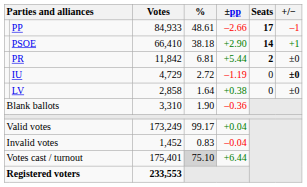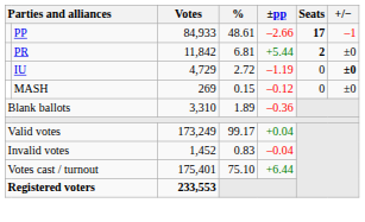 <table class="wikitable" style="text-align:right;">
 <tr>
 <th style="text-align:left;" colspan="2" width="200">Parties and alliances</th>
 <th width="75">Votes</th>
 <th width="45">%</th>
 <th width="45">±<a href='#'>pp</a></th>
 <th width="35">Seats</th>
 <th width="35">+/−</th>
 </tr>
 <tr>
 <td width="1" style="color:inherit;background:"></td>
 <td align="left"><a href='#'>PP</a></td>
 <td>84,933</td>
 <td>48.61</td>
 <td style="color:red;">–2.66</td>
 <td><strong>17</strong></td>
 <td style="color:red;">–1</td>
 </tr>
 <tr>
 <td style="color:inherit;background:"></td>
-<td align="left"><a href='#'>PSOE</a></td>
-<td>66,410</td>
-<td>38.18</td>
-<td style="color:green;">+2.90</td>
-<td><strong>14</strong></td>
-<td style="color:green;">+1</td>
-</tr>
-<tr>
-<td style="color:inherit;background:"></td>
 <td align="left"><a href='#'>PR</a></td>
 <td>11,842</td>
 <td>6.81</td>
 <td style="color:green;">+5.44</td>
 <td><strong>2</strong></td>
 <td>±0</td>
 </tr>
 <tr>
 <td style="color:inherit;background:"></td>
 <td align="left"><a href='#'>IU</a></td>
 <td>4,729</td>
 <td>2.72</td>
 <td style="color:red;">–1.19</td>
 <td>0</td>
 <td><strong>±0</strong></td>
 </tr>
 <tr>
-<td style="color:inherit;background:"></td>
-<td align="left"><a href='#'>LV</a></td>
-<td>2,858</td>
-<td>1.64</td>
-<td style="color:green;">+0.38</td>
+<td bgcolor="white"></td>
+<td align="left">MASH</td>
+<td>269</td>
+<td>0.15</td>
+<td style="color:red;">–0.12</td>
 <td>0</td>
 <td>±0</td>
 </tr>
 <tr>
 <td align="left" colspan="2">Blank ballots</td>
 <td>3,310</td>
-<td>1.90</td>
+<td>1.89</td>
 <td style="color:red;">–0.36</td>
 <td bgcolor="#E9E9E9" colspan="2"></td>
 </tr>
 <tr>
 <td colspan="7" bgcolor="#E9E9E9"></td>
 </tr>
 <tr>
 <td align="left" colspan="2">Valid votes</td>
 <td>173,249</td>
 <td>99.17</td>
 <td style="color:green;">+0.04</td>
 <td bgcolor="#E9E9E9" colspan="2" rowspan="4"></td>
 </tr>
 <tr>
 <td align="left" colspan="2">Invalid votes</td>
 <td>1,452</td>
 <td>0.83</td>
 <td style="color:red;">–0.04</td>
 </tr>
 <tr>
 <td align="left" colspan="2">Votes cast / turnout</td>
 <td>175,401</td>
-<td style="background: lightgrey;">75.10</td>
+<td>75.10</td>
 <td style="color:green;">+6.44</td>
 </tr>
 <tr style="font-weight:bold;">
 <td align="left" colspan="2">Registered voters</td>
 <td>233,553</td>
 <td bgcolor="#E9E9E9" colspan="2"></td>
 </tr>
 </table>
